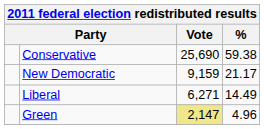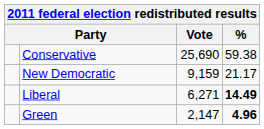 <table class="wikitable">
 <tr>
 <th colspan="4"><a href='#'>2011 federal election</a> redistributed results</th>
 </tr>
 <tr>
 <th bgcolor="#DDDDFF" width="130px" colspan="2">Party</th>
 <th bgcolor="#DDDDFF" width="50px">Vote</th>
 <th bgcolor="#DDDDFF" width="30px">%</th>
 </tr>
 <tr>
 <td> </td>
 <td><a href='#'>Conservative</a></td>
 <td align=right>25,690</td>
 <td align=right>59.38</td>
 </tr>
 <tr>
 <td> </td>
 <td><a href='#'>New Democratic</a></td>
 <td align=right>9,159</td>
 <td align=right>21.17</td>
 </tr>
 <tr>
 <td> </td>
 <td><a href='#'>Liberal</a></td>
 <td align=right>6,271</td>
-<td align=right>14.49</td>
+<td align=right><strong>14.49</strong></td>
 </tr>
 <tr>
 <td> </td>
 <td><a href='#'>Green</a></td>
-<td align=right style="background: khaki;">2,147</td>
-<td align=right>4.96</td>
+<td align=right>2,147</td>
+<td align=right><strong>4.96</strong></td>
 </tr>
 </table>
